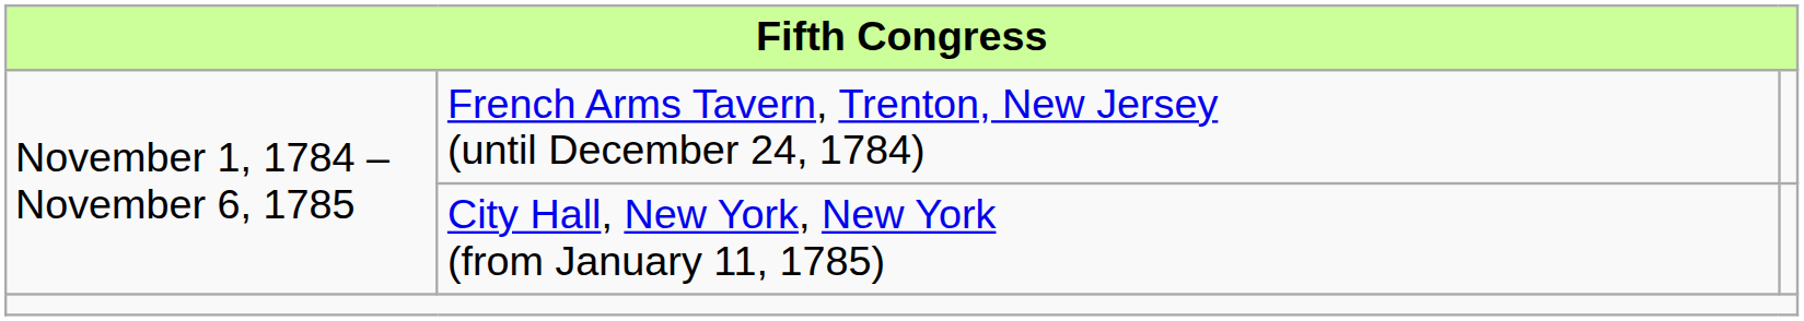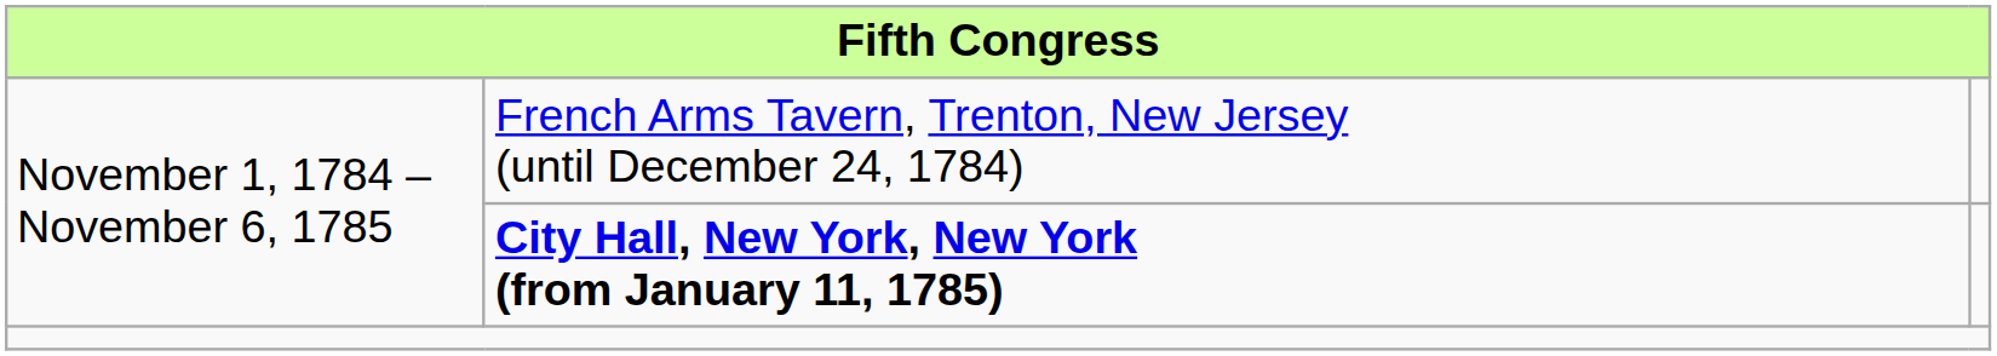 <table class=wikitable>
 <tr>
 <th colspan=3 style="background:#ccff99;">Fifth Congress</th>
 </tr>
 <tr>
 <td rowspan=2 style="width: 10em;">November 1, 1784 –November 6, 1785</td>
 <td style="width: 32em;"><a href='#'>French Arms Tavern</a>, <a href='#'>Trenton, New Jersey</a><br>(until December 24, 1784)</td>
 <td></td>
 </tr>
 <tr>
-<td><a href='#'>City Hall</a>, <a href='#'>New York</a>, <a href='#'>New York</a><br>(from January 11, 1785)</td>
+<td><strong><a href='#'>City Hall</a>, <a href='#'>New York</a>, <a href='#'>New York</a><br>(from January 11, 1785)</strong></td>
 <td></td>
 </tr>
 <tr>
 <td colspan=3></td>
 </tr>
 </table>
